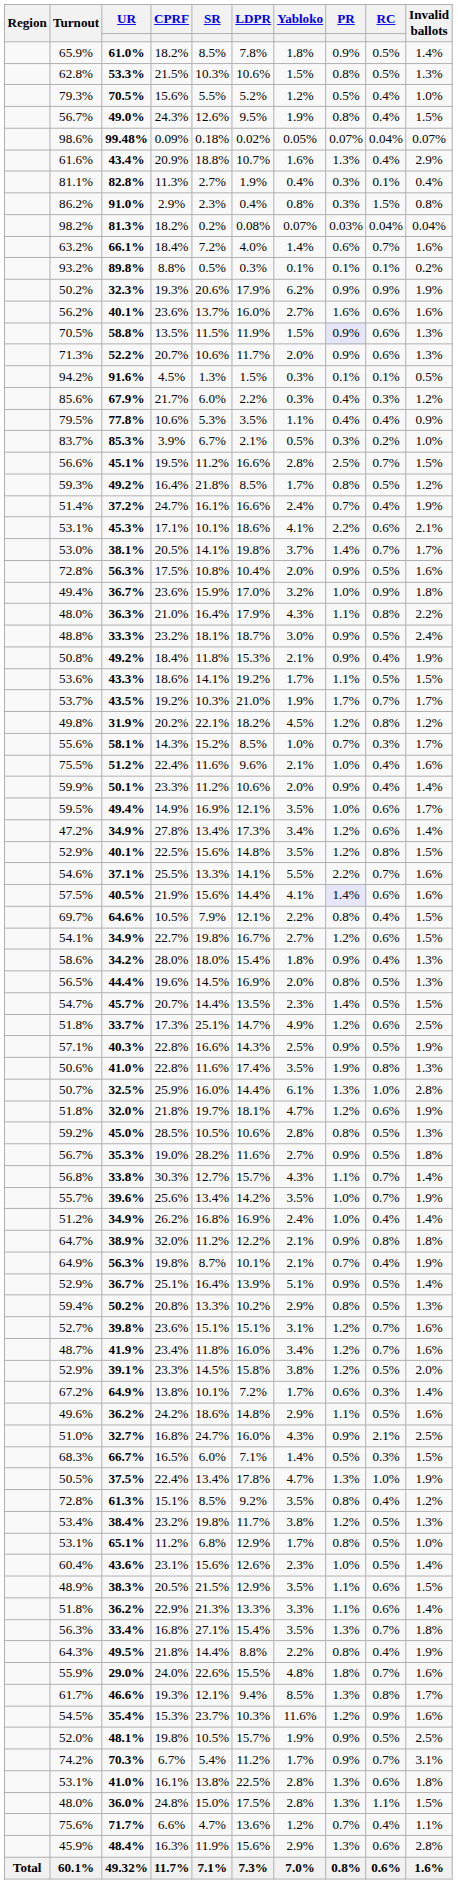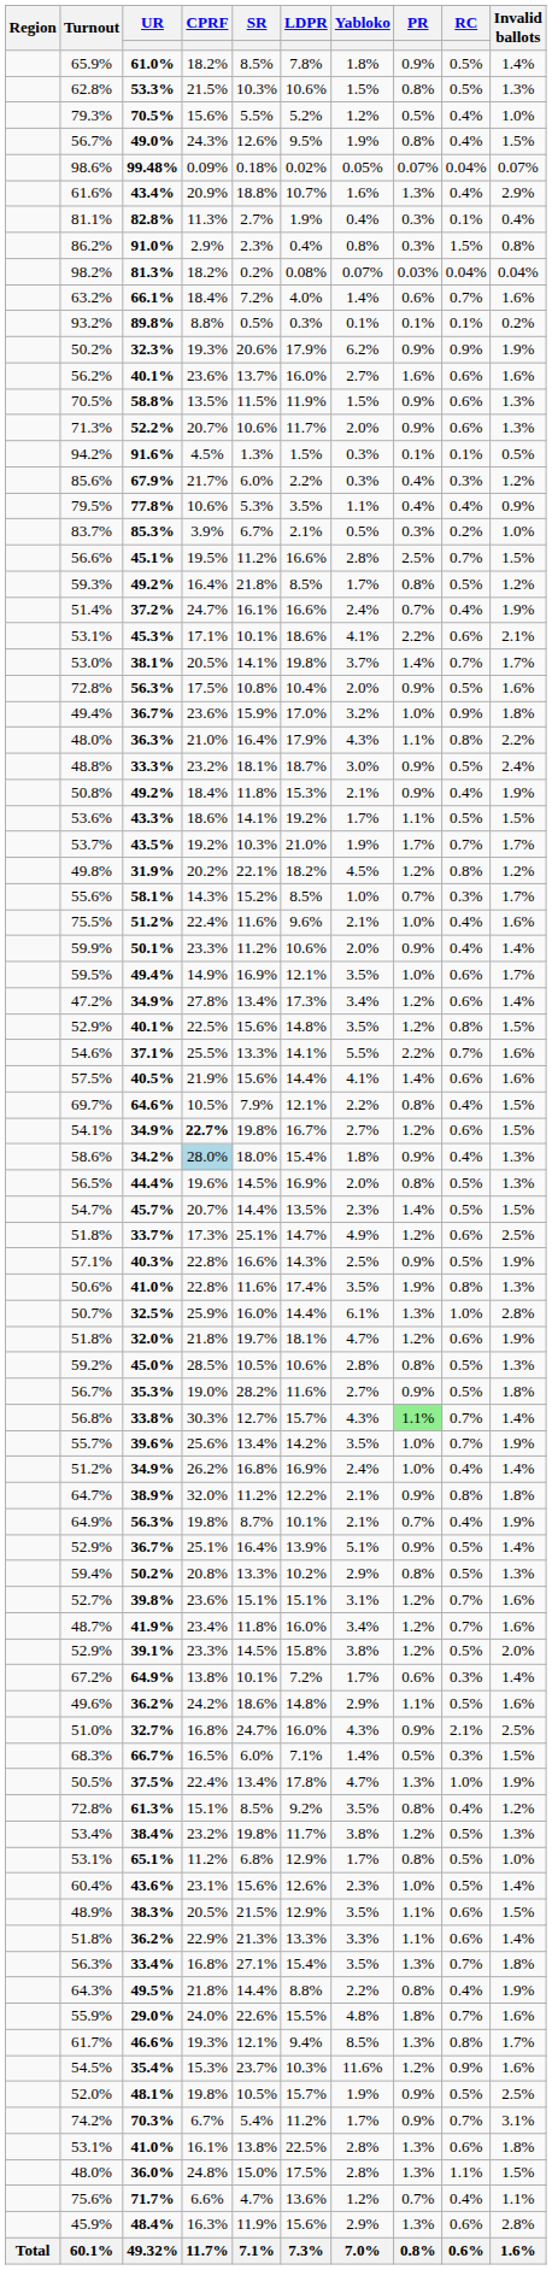 <table class="wikitable sortable" style="font-size:90%; text-align:center">
 <tr>
 <th rowspan=2>Region</th>
 <th rowspan=2>Turnout</th>
 <th><a href='#'>UR</a></th>
 <th><a href='#'>CPRF</a></th>
 <th><a href='#'>SR</a></th>
 <th><a href='#'>LDPR</a></th>
 <th><a href='#'>Yabloko</a></th>
 <th><a href='#'>PR</a></th>
 <th><a href='#'>RC</a></th>
 <th rowspan=2>Invalid<br>ballots</th>
 </tr>
 <tr>
 <th style="background-color:"></th>
 <th style="background-color:"></th>
 <th style="background-color:"></th>
 <th style="background-color:"></th>
 <th style="background-color:"></th>
 <th style="background-color:"></th>
 <th style="background-color:"></th>
 </tr>
 <tr>
 <td align="left"></td>
 <td>65.9%</td>
 <td><strong>61.0%</strong></td>
 <td>18.2%</td>
 <td>8.5%</td>
 <td>7.8%</td>
 <td>1.8%</td>
 <td>0.9%</td>
 <td>0.5%</td>
 <td>1.4%</td>
 </tr>
 <tr>
 <td align="left"></td>
 <td>62.8%</td>
 <td><strong>53.3%</strong></td>
 <td>21.5%</td>
 <td>10.3%</td>
 <td>10.6%</td>
 <td>1.5%</td>
 <td>0.8%</td>
 <td>0.5%</td>
 <td>1.3%</td>
 </tr>
 <tr>
 <td align="left"></td>
 <td>79.3%</td>
 <td><strong>70.5%</strong></td>
 <td>15.6%</td>
 <td>5.5%</td>
 <td>5.2%</td>
 <td>1.2%</td>
 <td>0.5%</td>
 <td>0.4%</td>
 <td>1.0%</td>
 </tr>
 <tr>
 <td align="left"></td>
 <td>56.7%</td>
 <td><strong>49.0%</strong></td>
 <td>24.3%</td>
 <td>12.6%</td>
 <td>9.5%</td>
 <td>1.9%</td>
 <td>0.8%</td>
 <td>0.4%</td>
 <td>1.5%</td>
 </tr>
 <tr>
 <td align="left"></td>
 <td>98.6%</td>
 <td><strong>99.48%</strong></td>
 <td>0.09%</td>
 <td>0.18%</td>
 <td>0.02%</td>
 <td>0.05%</td>
 <td>0.07%</td>
 <td>0.04%</td>
 <td>0.07%</td>
 </tr>
 <tr>
 <td align="left"></td>
 <td>61.6%</td>
 <td><strong>43.4%</strong></td>
 <td>20.9%</td>
 <td>18.8%</td>
 <td>10.7%</td>
 <td>1.6%</td>
 <td>1.3%</td>
 <td>0.4%</td>
 <td>2.9%</td>
 </tr>
 <tr>
 <td align="left"></td>
 <td>81.1%</td>
 <td><strong>82.8%</strong></td>
 <td>11.3%</td>
 <td>2.7%</td>
 <td>1.9%</td>
 <td>0.4%</td>
 <td>0.3%</td>
 <td>0.1%</td>
 <td>0.4%</td>
 </tr>
 <tr>
 <td align="left"></td>
 <td>86.2%</td>
 <td><strong>91.0%</strong></td>
 <td>2.9%</td>
 <td>2.3%</td>
 <td>0.4%</td>
 <td>0.8%</td>
 <td>0.3%</td>
 <td>1.5%</td>
 <td>0.8%</td>
 </tr>
 <tr>
 <td align="left"></td>
 <td>98.2%</td>
 <td><strong>81.3%</strong></td>
 <td>18.2%</td>
 <td>0.2%</td>
 <td>0.08%</td>
 <td>0.07%</td>
 <td>0.03%</td>
 <td>0.04%</td>
 <td>0.04%</td>
 </tr>
 <tr>
 <td align="left"></td>
 <td>63.2%</td>
 <td><strong>66.1%</strong></td>
 <td>18.4%</td>
 <td>7.2%</td>
 <td>4.0%</td>
 <td>1.4%</td>
 <td>0.6%</td>
 <td>0.7%</td>
 <td>1.6%</td>
 </tr>
 <tr>
 <td align="left"></td>
 <td>93.2%</td>
 <td><strong>89.8%</strong></td>
 <td>8.8%</td>
 <td>0.5%</td>
 <td>0.3%</td>
 <td>0.1%</td>
 <td>0.1%</td>
 <td>0.1%</td>
 <td>0.2%</td>
 </tr>
 <tr>
 <td align="left"></td>
 <td>50.2%</td>
 <td><strong>32.3%</strong></td>
 <td>19.3%</td>
 <td>20.6%</td>
 <td>17.9%</td>
 <td>6.2%</td>
 <td>0.9%</td>
 <td>0.9%</td>
 <td>1.9%</td>
 </tr>
 <tr>
 <td align="left"></td>
 <td>56.2%</td>
 <td><strong>40.1%</strong></td>
 <td>23.6%</td>
 <td>13.7%</td>
 <td>16.0%</td>
 <td>2.7%</td>
 <td>1.6%</td>
 <td>0.6%</td>
 <td>1.6%</td>
 </tr>
 <tr>
 <td align="left"></td>
 <td>70.5%</td>
 <td><strong>58.8%</strong></td>
 <td>13.5%</td>
 <td>11.5%</td>
 <td>11.9%</td>
 <td>1.5%</td>
-<td style="background: lavender;">0.9%</td>
+<td>0.9%</td>
 <td>0.6%</td>
 <td>1.3%</td>
 </tr>
 <tr>
 <td align="left"></td>
 <td>71.3%</td>
 <td><strong>52.2%</strong></td>
 <td>20.7%</td>
 <td>10.6%</td>
 <td>11.7%</td>
 <td>2.0%</td>
 <td>0.9%</td>
 <td>0.6%</td>
 <td>1.3%</td>
 </tr>
 <tr>
 <td align="left"></td>
 <td>94.2%</td>
 <td><strong>91.6%</strong></td>
 <td>4.5%</td>
 <td>1.3%</td>
 <td>1.5%</td>
 <td>0.3%</td>
 <td>0.1%</td>
 <td>0.1%</td>
 <td>0.5%</td>
 </tr>
 <tr>
 <td align="left"></td>
 <td>85.6%</td>
 <td><strong>67.9%</strong></td>
 <td>21.7%</td>
 <td>6.0%</td>
 <td>2.2%</td>
 <td>0.3%</td>
 <td>0.4%</td>
 <td>0.3%</td>
 <td>1.2%</td>
 </tr>
 <tr>
 <td align="left"></td>
 <td>79.5%</td>
 <td><strong>77.8%</strong></td>
 <td>10.6%</td>
 <td>5.3%</td>
 <td>3.5%</td>
 <td>1.1%</td>
 <td>0.4%</td>
 <td>0.4%</td>
 <td>0.9%</td>
 </tr>
 <tr>
 <td align="left"></td>
 <td>83.7%</td>
 <td><strong>85.3%</strong></td>
 <td>3.9%</td>
 <td>6.7%</td>
 <td>2.1%</td>
 <td>0.5%</td>
 <td>0.3%</td>
 <td>0.2%</td>
 <td>1.0%</td>
 </tr>
 <tr>
 <td align="left"></td>
 <td>56.6%</td>
 <td><strong>45.1%</strong></td>
 <td>19.5%</td>
 <td>11.2%</td>
 <td>16.6%</td>
 <td>2.8%</td>
 <td>2.5%</td>
 <td>0.7%</td>
 <td>1.5%</td>
 </tr>
 <tr>
 <td align="left"></td>
 <td>59.3%</td>
 <td><strong>49.2%</strong></td>
 <td>16.4%</td>
 <td>21.8%</td>
 <td>8.5%</td>
 <td>1.7%</td>
 <td>0.8%</td>
 <td>0.5%</td>
 <td>1.2%</td>
 </tr>
 <tr>
 <td align="left"></td>
 <td>51.4%</td>
 <td><strong>37.2%</strong></td>
 <td>24.7%</td>
 <td>16.1%</td>
 <td>16.6%</td>
 <td>2.4%</td>
 <td>0.7%</td>
 <td>0.4%</td>
 <td>1.9%</td>
 </tr>
 <tr>
 <td align="left"></td>
 <td>53.1%</td>
 <td><strong>45.3%</strong></td>
 <td>17.1%</td>
 <td>10.1%</td>
 <td>18.6%</td>
 <td>4.1%</td>
 <td>2.2%</td>
 <td>0.6%</td>
 <td>2.1%</td>
 </tr>
 <tr>
 <td align="left"></td>
 <td>53.0%</td>
 <td><strong>38.1%</strong></td>
 <td>20.5%</td>
 <td>14.1%</td>
 <td>19.8%</td>
 <td>3.7%</td>
 <td>1.4%</td>
 <td>0.7%</td>
 <td>1.7%</td>
 </tr>
 <tr>
 <td align="left"></td>
 <td>72.8%</td>
 <td><strong>56.3%</strong></td>
 <td>17.5%</td>
 <td>10.8%</td>
 <td>10.4%</td>
 <td>2.0%</td>
 <td>0.9%</td>
 <td>0.5%</td>
 <td>1.6%</td>
 </tr>
 <tr>
 <td align="left"></td>
 <td>49.4%</td>
 <td><strong>36.7%</strong></td>
 <td>23.6%</td>
 <td>15.9%</td>
 <td>17.0%</td>
 <td>3.2%</td>
 <td>1.0%</td>
 <td>0.9%</td>
 <td>1.8%</td>
 </tr>
 <tr>
 <td align="left"></td>
 <td>48.0%</td>
 <td><strong>36.3%</strong></td>
 <td>21.0%</td>
 <td>16.4%</td>
 <td>17.9%</td>
 <td>4.3%</td>
 <td>1.1%</td>
 <td>0.8%</td>
 <td>2.2%</td>
 </tr>
 <tr>
 <td align="left"></td>
 <td>48.8%</td>
 <td><strong>33.3%</strong></td>
 <td>23.2%</td>
 <td>18.1%</td>
 <td>18.7%</td>
 <td>3.0%</td>
 <td>0.9%</td>
 <td>0.5%</td>
 <td>2.4%</td>
 </tr>
 <tr>
 <td align="left"></td>
 <td>50.8%</td>
 <td><strong>49.2%</strong></td>
 <td>18.4%</td>
 <td>11.8%</td>
 <td>15.3%</td>
 <td>2.1%</td>
 <td>0.9%</td>
 <td>0.4%</td>
 <td>1.9%</td>
 </tr>
 <tr>
 <td align="left"></td>
 <td>53.6%</td>
 <td><strong>43.3%</strong></td>
 <td>18.6%</td>
 <td>14.1%</td>
 <td>19.2%</td>
 <td>1.7%</td>
 <td>1.1%</td>
 <td>0.5%</td>
 <td>1.5%</td>
 </tr>
 <tr>
 <td align="left"></td>
 <td>53.7%</td>
 <td><strong>43.5%</strong></td>
 <td>19.2%</td>
 <td>10.3%</td>
 <td>21.0%</td>
 <td>1.9%</td>
 <td>1.7%</td>
 <td>0.7%</td>
 <td>1.7%</td>
 </tr>
 <tr>
 <td align="left"></td>
 <td>49.8%</td>
 <td><strong>31.9%</strong></td>
 <td>20.2%</td>
 <td>22.1%</td>
 <td>18.2%</td>
 <td>4.5%</td>
 <td>1.2%</td>
 <td>0.8%</td>
 <td>1.2%</td>
 </tr>
 <tr>
 <td align="left"></td>
 <td>55.6%</td>
 <td><strong>58.1%</strong></td>
 <td>14.3%</td>
 <td>15.2%</td>
 <td>8.5%</td>
 <td>1.0%</td>
 <td>0.7%</td>
 <td>0.3%</td>
 <td>1.7%</td>
 </tr>
 <tr>
 <td align="left"></td>
 <td>75.5%</td>
 <td><strong>51.2%</strong></td>
 <td>22.4%</td>
 <td>11.6%</td>
 <td>9.6%</td>
 <td>2.1%</td>
 <td>1.0%</td>
 <td>0.4%</td>
 <td>1.6%</td>
 </tr>
 <tr>
 <td align="left"></td>
 <td>59.9%</td>
 <td><strong>50.1%</strong></td>
 <td>23.3%</td>
 <td>11.2%</td>
 <td>10.6%</td>
 <td>2.0%</td>
 <td>0.9%</td>
 <td>0.4%</td>
 <td>1.4%</td>
 </tr>
 <tr>
 <td align="left"></td>
 <td>59.5%</td>
 <td><strong>49.4%</strong></td>
 <td>14.9%</td>
 <td>16.9%</td>
 <td>12.1%</td>
 <td>3.5%</td>
 <td>1.0%</td>
 <td>0.6%</td>
 <td>1.7%</td>
 </tr>
 <tr>
 <td align="left"></td>
 <td>47.2%</td>
 <td><strong>34.9%</strong></td>
 <td>27.8%</td>
 <td>13.4%</td>
 <td>17.3%</td>
 <td>3.4%</td>
 <td>1.2%</td>
 <td>0.6%</td>
 <td>1.4%</td>
 </tr>
 <tr>
 <td align="left"></td>
 <td>52.9%</td>
 <td><strong>40.1%</strong></td>
 <td>22.5%</td>
 <td>15.6%</td>
 <td>14.8%</td>
 <td>3.5%</td>
 <td>1.2%</td>
 <td>0.8%</td>
 <td>1.5%</td>
 </tr>
 <tr>
 <td align="left"></td>
 <td>54.6%</td>
 <td><strong>37.1%</strong></td>
 <td>25.5%</td>
 <td>13.3%</td>
 <td>14.1%</td>
 <td>5.5%</td>
 <td>2.2%</td>
 <td>0.7%</td>
 <td>1.6%</td>
 </tr>
 <tr>
 <td align="left"></td>
 <td>57.5%</td>
 <td><strong>40.5%</strong></td>
 <td>21.9%</td>
 <td>15.6%</td>
 <td>14.4%</td>
 <td>4.1%</td>
-<td style="background: lavender;">1.4%</td>
+<td>1.4%</td>
 <td>0.6%</td>
 <td>1.6%</td>
 </tr>
 <tr>
 <td align="left"></td>
 <td>69.7%</td>
 <td><strong>64.6%</strong></td>
 <td>10.5%</td>
 <td>7.9%</td>
 <td>12.1%</td>
 <td>2.2%</td>
 <td>0.8%</td>
 <td>0.4%</td>
 <td>1.5%</td>
 </tr>
 <tr>
 <td align="left"></td>
 <td>54.1%</td>
 <td><strong>34.9%</strong></td>
-<td>22.7%</td>
+<td><strong>22.7%</strong></td>
 <td>19.8%</td>
 <td>16.7%</td>
 <td>2.7%</td>
 <td>1.2%</td>
 <td>0.6%</td>
 <td>1.5%</td>
 </tr>
 <tr>
 <td align="left"></td>
 <td>58.6%</td>
 <td><strong>34.2%</strong></td>
-<td>28.0%</td>
+<td style="background: lightblue;">28.0%</td>
 <td>18.0%</td>
 <td>15.4%</td>
 <td>1.8%</td>
 <td>0.9%</td>
 <td>0.4%</td>
 <td>1.3%</td>
 </tr>
 <tr>
 <td align="left"></td>
 <td>56.5%</td>
 <td><strong>44.4%</strong></td>
 <td>19.6%</td>
 <td>14.5%</td>
 <td>16.9%</td>
 <td>2.0%</td>
 <td>0.8%</td>
 <td>0.5%</td>
 <td>1.3%</td>
 </tr>
 <tr>
 <td align="left"></td>
 <td>54.7%</td>
 <td><strong>45.7%</strong></td>
 <td>20.7%</td>
 <td>14.4%</td>
 <td>13.5%</td>
 <td>2.3%</td>
 <td>1.4%</td>
 <td>0.5%</td>
 <td>1.5%</td>
 </tr>
 <tr>
 <td align="left"></td>
 <td>51.8%</td>
 <td><strong>33.7%</strong></td>
 <td>17.3%</td>
 <td>25.1%</td>
 <td>14.7%</td>
 <td>4.9%</td>
 <td>1.2%</td>
 <td>0.6%</td>
 <td>2.5%</td>
 </tr>
 <tr>
 <td align="left"></td>
 <td>57.1%</td>
 <td><strong>40.3%</strong></td>
 <td>22.8%</td>
 <td>16.6%</td>
 <td>14.3%</td>
 <td>2.5%</td>
 <td>0.9%</td>
 <td>0.5%</td>
 <td>1.9%</td>
 </tr>
 <tr>
 <td align="left"></td>
 <td>50.6%</td>
 <td><strong>41.0%</strong></td>
 <td>22.8%</td>
 <td>11.6%</td>
 <td>17.4%</td>
 <td>3.5%</td>
 <td>1.9%</td>
 <td>0.8%</td>
 <td>1.3%</td>
 </tr>
 <tr>
 <td align="left"></td>
 <td>50.7%</td>
 <td><strong>32.5%</strong></td>
 <td>25.9%</td>
 <td>16.0%</td>
 <td>14.4%</td>
 <td>6.1%</td>
 <td>1.3%</td>
 <td>1.0%</td>
 <td>2.8%</td>
 </tr>
 <tr>
 <td align="left"></td>
 <td>51.8%</td>
 <td><strong>32.0%</strong></td>
 <td>21.8%</td>
 <td>19.7%</td>
 <td>18.1%</td>
 <td>4.7%</td>
 <td>1.2%</td>
 <td>0.6%</td>
 <td>1.9%</td>
 </tr>
 <tr>
 <td align="left"></td>
 <td>59.2%</td>
 <td><strong>45.0%</strong></td>
 <td>28.5%</td>
 <td>10.5%</td>
 <td>10.6%</td>
 <td>2.8%</td>
 <td>0.8%</td>
 <td>0.5%</td>
 <td>1.3%</td>
 </tr>
 <tr>
 <td align="left"></td>
 <td>56.7%</td>
 <td><strong>35.3%</strong></td>
 <td>19.0%</td>
 <td>28.2%</td>
 <td>11.6%</td>
 <td>2.7%</td>
 <td>0.9%</td>
 <td>0.5%</td>
 <td>1.8%</td>
 </tr>
 <tr>
 <td align="left"></td>
 <td>56.8%</td>
 <td><strong>33.8%</strong></td>
 <td>30.3%</td>
 <td>12.7%</td>
 <td>15.7%</td>
 <td>4.3%</td>
-<td>1.1%</td>
+<td style="background: lightgreen;">1.1%</td>
 <td>0.7%</td>
 <td>1.4%</td>
 </tr>
 <tr>
 <td align="left"></td>
 <td>55.7%</td>
 <td><strong>39.6%</strong></td>
 <td>25.6%</td>
 <td>13.4%</td>
 <td>14.2%</td>
 <td>3.5%</td>
 <td>1.0%</td>
 <td>0.7%</td>
 <td>1.9%</td>
 </tr>
 <tr>
 <td align="left"></td>
 <td>51.2%</td>
 <td><strong>34.9%</strong></td>
 <td>26.2%</td>
 <td>16.8%</td>
 <td>16.9%</td>
 <td>2.4%</td>
 <td>1.0%</td>
 <td>0.4%</td>
 <td>1.4%</td>
 </tr>
 <tr>
 <td align="left"></td>
 <td>64.7%</td>
 <td><strong>38.9%</strong></td>
 <td>32.0%</td>
 <td>11.2%</td>
 <td>12.2%</td>
 <td>2.1%</td>
 <td>0.9%</td>
 <td>0.8%</td>
 <td>1.8%</td>
 </tr>
 <tr>
 <td align="left"></td>
 <td>64.9%</td>
 <td><strong>56.3%</strong></td>
 <td>19.8%</td>
 <td>8.7%</td>
 <td>10.1%</td>
 <td>2.1%</td>
 <td>0.7%</td>
 <td>0.4%</td>
 <td>1.9%</td>
 </tr>
 <tr>
 <td align="left"></td>
 <td>52.9%</td>
 <td><strong>36.7%</strong></td>
 <td>25.1%</td>
 <td>16.4%</td>
 <td>13.9%</td>
 <td>5.1%</td>
 <td>0.9%</td>
 <td>0.5%</td>
 <td>1.4%</td>
 </tr>
 <tr>
 <td align="left"></td>
 <td>59.4%</td>
 <td><strong>50.2%</strong></td>
 <td>20.8%</td>
 <td>13.3%</td>
 <td>10.2%</td>
 <td>2.9%</td>
 <td>0.8%</td>
 <td>0.5%</td>
 <td>1.3%</td>
 </tr>
 <tr>
 <td align="left"></td>
 <td>52.7%</td>
 <td><strong>39.8%</strong></td>
 <td>23.6%</td>
 <td>15.1%</td>
 <td>15.1%</td>
 <td>3.1%</td>
 <td>1.2%</td>
 <td>0.7%</td>
 <td>1.6%</td>
 </tr>
 <tr>
 <td align="left"></td>
 <td>48.7%</td>
 <td><strong>41.9%</strong></td>
 <td>23.4%</td>
 <td>11.8%</td>
 <td>16.0%</td>
 <td>3.4%</td>
 <td>1.2%</td>
 <td>0.7%</td>
 <td>1.6%</td>
 </tr>
 <tr>
 <td align="left"></td>
 <td>52.9%</td>
 <td><strong>39.1%</strong></td>
 <td>23.3%</td>
 <td>14.5%</td>
 <td>15.8%</td>
 <td>3.8%</td>
 <td>1.2%</td>
 <td>0.5%</td>
 <td>2.0%</td>
 </tr>
 <tr>
 <td align="left"></td>
 <td>67.2%</td>
 <td><strong>64.9%</strong></td>
 <td>13.8%</td>
 <td>10.1%</td>
 <td>7.2%</td>
 <td>1.7%</td>
 <td>0.6%</td>
 <td>0.3%</td>
 <td>1.4%</td>
 </tr>
 <tr>
 <td align="left"></td>
 <td>49.6%</td>
 <td><strong>36.2%</strong></td>
 <td>24.2%</td>
 <td>18.6%</td>
 <td>14.8%</td>
 <td>2.9%</td>
 <td>1.1%</td>
 <td>0.5%</td>
 <td>1.6%</td>
 </tr>
 <tr>
 <td align="left"></td>
 <td>51.0%</td>
 <td><strong>32.7%</strong></td>
 <td>16.8%</td>
 <td>24.7%</td>
 <td>16.0%</td>
 <td>4.3%</td>
 <td>0.9%</td>
 <td>2.1%</td>
 <td>2.5%</td>
 </tr>
 <tr>
 <td align="left"></td>
 <td>68.3%</td>
 <td><strong>66.7%</strong></td>
 <td>16.5%</td>
 <td>6.0%</td>
 <td>7.1%</td>
 <td>1.4%</td>
 <td>0.5%</td>
 <td>0.3%</td>
 <td>1.5%</td>
 </tr>
 <tr>
 <td align="left"></td>
 <td>50.5%</td>
 <td><strong>37.5%</strong></td>
 <td>22.4%</td>
 <td>13.4%</td>
 <td>17.8%</td>
 <td>4.7%</td>
 <td>1.3%</td>
 <td>1.0%</td>
 <td>1.9%</td>
 </tr>
 <tr>
 <td align="left"></td>
 <td>72.8%</td>
 <td><strong>61.3%</strong></td>
 <td>15.1%</td>
 <td>8.5%</td>
 <td>9.2%</td>
 <td>3.5%</td>
 <td>0.8%</td>
 <td>0.4%</td>
 <td>1.2%</td>
 </tr>
 <tr>
 <td align="left"></td>
 <td>53.4%</td>
 <td><strong>38.4%</strong></td>
 <td>23.2%</td>
 <td>19.8%</td>
 <td>11.7%</td>
 <td>3.8%</td>
 <td>1.2%</td>
 <td>0.5%</td>
 <td>1.3%</td>
 </tr>
 <tr>
 <td align="left"></td>
 <td>53.1%</td>
 <td><strong>65.1%</strong></td>
 <td>11.2%</td>
 <td>6.8%</td>
 <td>12.9%</td>
 <td>1.7%</td>
 <td>0.8%</td>
 <td>0.5%</td>
 <td>1.0%</td>
 </tr>
 <tr>
 <td align="left"></td>
 <td>60.4%</td>
 <td><strong>43.6%</strong></td>
 <td>23.1%</td>
 <td>15.6%</td>
 <td>12.6%</td>
 <td>2.3%</td>
 <td>1.0%</td>
 <td>0.5%</td>
 <td>1.4%</td>
 </tr>
 <tr>
 <td align="left"></td>
 <td>48.9%</td>
 <td><strong>38.3%</strong></td>
 <td>20.5%</td>
 <td>21.5%</td>
 <td>12.9%</td>
 <td>3.5%</td>
 <td>1.1%</td>
 <td>0.6%</td>
 <td>1.5%</td>
 </tr>
 <tr>
 <td align="left"></td>
 <td>51.8%</td>
 <td><strong>36.2%</strong></td>
 <td>22.9%</td>
 <td>21.3%</td>
 <td>13.3%</td>
 <td>3.3%</td>
 <td>1.1%</td>
 <td>0.6%</td>
 <td>1.4%</td>
 </tr>
 <tr>
 <td align="left"></td>
 <td>56.3%</td>
 <td><strong>33.4%</strong></td>
 <td>16.8%</td>
 <td>27.1%</td>
 <td>15.4%</td>
 <td>3.5%</td>
 <td>1.3%</td>
 <td>0.7%</td>
 <td>1.8%</td>
 </tr>
 <tr>
 <td align="left"></td>
 <td>64.3%</td>
 <td><strong>49.5%</strong></td>
 <td>21.8%</td>
 <td>14.4%</td>
 <td>8.8%</td>
 <td>2.2%</td>
 <td>0.8%</td>
 <td>0.4%</td>
 <td>1.9%</td>
 </tr>
 <tr>
 <td align="left"></td>
 <td>55.9%</td>
 <td><strong>29.0%</strong></td>
 <td>24.0%</td>
 <td>22.6%</td>
 <td>15.5%</td>
 <td>4.8%</td>
 <td>1.8%</td>
 <td>0.7%</td>
 <td>1.6%</td>
 </tr>
 <tr>
 <td align="left"></td>
 <td>61.7%</td>
 <td><strong>46.6%</strong></td>
 <td>19.3%</td>
 <td>12.1%</td>
 <td>9.4%</td>
 <td>8.5%</td>
 <td>1.3%</td>
 <td>0.8%</td>
 <td>1.7%</td>
 </tr>
 <tr>
 <td align="left"></td>
 <td>54.5%</td>
 <td><strong>35.4%</strong></td>
 <td>15.3%</td>
 <td>23.7%</td>
 <td>10.3%</td>
 <td>11.6%</td>
 <td>1.2%</td>
 <td>0.9%</td>
 <td>1.6%</td>
 </tr>
 <tr>
 <td align="left"></td>
 <td>52.0%</td>
 <td><strong>48.1%</strong></td>
 <td>19.8%</td>
 <td>10.5%</td>
 <td>15.7%</td>
 <td>1.9%</td>
 <td>0.9%</td>
 <td>0.5%</td>
 <td>2.5%</td>
 </tr>
 <tr>
 <td align="left"></td>
 <td>74.2%</td>
 <td><strong>70.3%</strong></td>
 <td>6.7%</td>
 <td>5.4%</td>
 <td>11.2%</td>
 <td>1.7%</td>
 <td>0.9%</td>
 <td>0.7%</td>
 <td>3.1%</td>
 </tr>
 <tr>
 <td align="left"></td>
 <td>53.1%</td>
 <td><strong>41.0%</strong></td>
 <td>16.1%</td>
 <td>13.8%</td>
 <td>22.5%</td>
 <td>2.8%</td>
 <td>1.3%</td>
 <td>0.6%</td>
 <td>1.8%</td>
 </tr>
 <tr>
 <td align="left"></td>
 <td>48.0%</td>
 <td><strong>36.0%</strong></td>
 <td>24.8%</td>
 <td>15.0%</td>
 <td>17.5%</td>
 <td>2.8%</td>
 <td>1.3%</td>
 <td>1.1%</td>
 <td>1.5%</td>
 </tr>
 <tr>
 <td align="left"></td>
 <td>75.6%</td>
 <td><strong>71.7%</strong></td>
 <td>6.6%</td>
 <td>4.7%</td>
 <td>13.6%</td>
 <td>1.2%</td>
 <td>0.7%</td>
 <td>0.4%</td>
 <td>1.1%</td>
 </tr>
 <tr>
 <td align="left"></td>
 <td>45.9%</td>
 <td><strong>48.4%</strong></td>
 <td>16.3%</td>
 <td>11.9%</td>
 <td>15.6%</td>
 <td>2.9%</td>
 <td>1.3%</td>
 <td>0.6%</td>
 <td>2.8%</td>
 </tr>
 <tr>
 <th>Total</th>
 <th>60.1%</th>
 <th>49.32%</th>
 <th>11.7%</th>
 <th>7.1%</th>
 <th>7.3%</th>
 <th>7.0%</th>
 <th>0.8%</th>
 <th>0.6%</th>
 <th>1.6%</th>
 </tr>
 </table>
